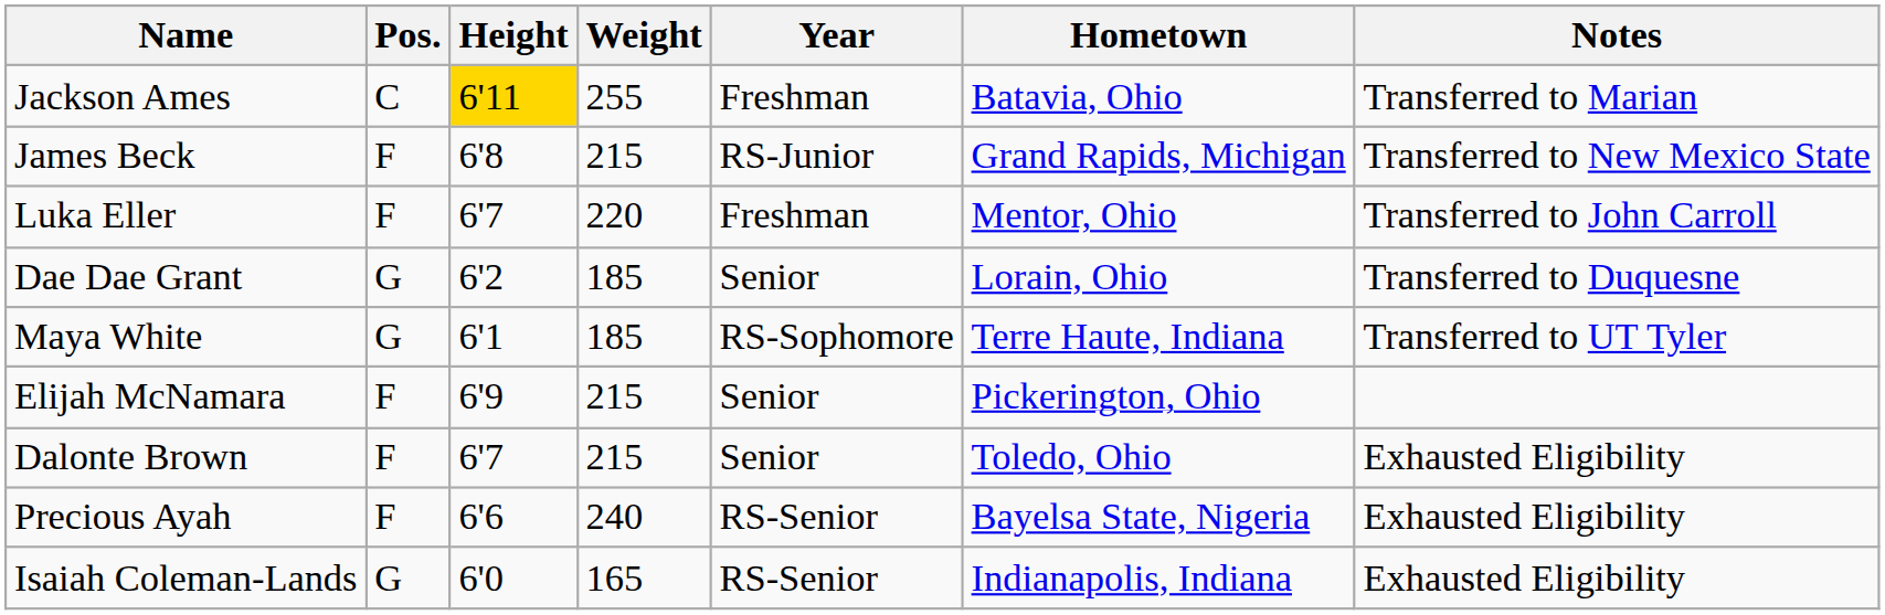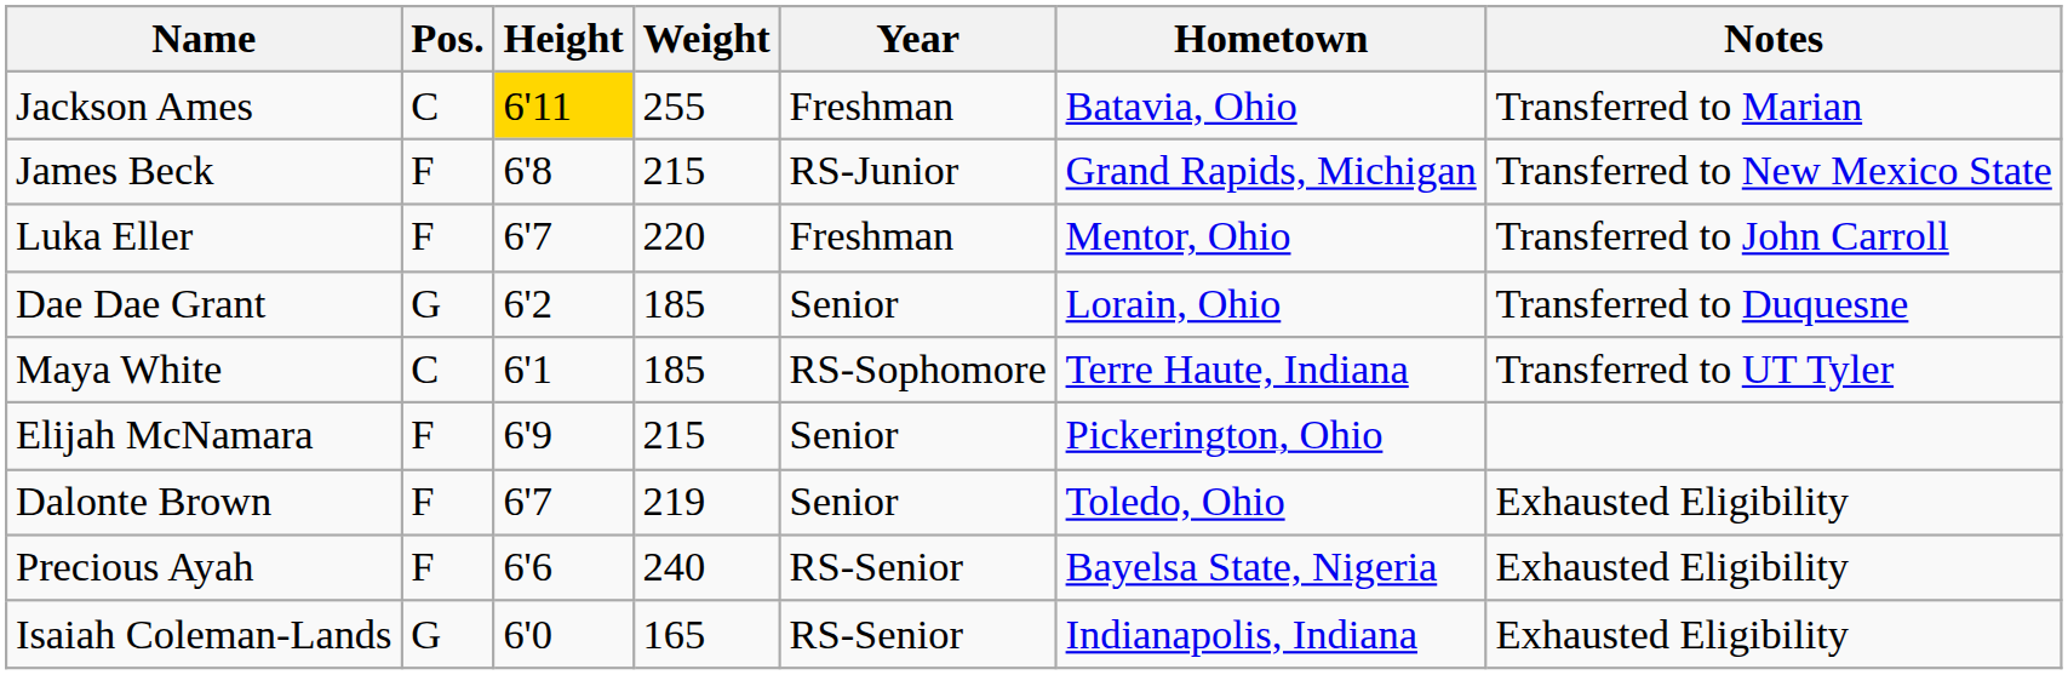 <table class="wikitable sortable" border="1">
 <tr align=center>
 <th>Name</th>
 <th>Pos.</th>
 <th>Height</th>
 <th>Weight</th>
 <th>Year</th>
 <th>Hometown</th>
 <th>Notes</th>
 </tr>
 <tr>
 <td>Jackson Ames</td>
 <td>C</td>
 <td style="background: gold;">6'11</td>
 <td>255</td>
 <td>Freshman</td>
 <td><a href='#'>Batavia, Ohio</a></td>
 <td>Transferred to <a href='#'>Marian</a></td>
 </tr>
 <tr>
 <td>James Beck</td>
 <td>F</td>
 <td>6'8</td>
 <td>215</td>
 <td>RS-Junior</td>
 <td><a href='#'>Grand Rapids, Michigan</a></td>
 <td>Transferred to <a href='#'>New Mexico State</a></td>
 </tr>
 <tr>
 <td>Luka Eller</td>
 <td>F</td>
 <td>6'7</td>
 <td>220</td>
 <td>Freshman</td>
 <td><a href='#'>Mentor, Ohio</a></td>
 <td>Transferred to <a href='#'>John Carroll</a></td>
 </tr>
 <tr>
 <td>Dae Dae Grant</td>
 <td>G</td>
 <td>6'2</td>
 <td>185</td>
 <td>Senior</td>
 <td><a href='#'>Lorain, Ohio</a></td>
 <td>Transferred to <a href='#'>Duquesne</a></td>
 </tr>
 <tr>
 <td>Maya White</td>
-<td>G</td>
+<td>C</td>
 <td>6'1</td>
 <td>185</td>
 <td>RS-Sophomore</td>
 <td><a href='#'>Terre Haute, Indiana</a></td>
 <td>Transferred to <a href='#'>UT Tyler</a></td>
 </tr>
 <tr>
 <td>Elijah McNamara</td>
 <td>F</td>
 <td>6'9</td>
 <td>215</td>
 <td>Senior</td>
 <td><a href='#'>Pickerington, Ohio</a></td>
 <td></td>
 </tr>
 <tr>
 <td>Dalonte Brown</td>
 <td>F</td>
 <td>6'7</td>
-<td>215</td>
+<td>219</td>
 <td>Senior</td>
 <td><a href='#'>Toledo, Ohio</a></td>
 <td>Exhausted Eligibility</td>
 </tr>
 <tr>
 <td>Precious Ayah</td>
 <td>F</td>
 <td>6'6</td>
 <td>240</td>
 <td>RS-Senior</td>
 <td><a href='#'>Bayelsa State, Nigeria</a></td>
 <td>Exhausted Eligibility</td>
 </tr>
 <tr>
 <td>Isaiah Coleman-Lands</td>
 <td>G</td>
 <td>6'0</td>
 <td>165</td>
 <td>RS-Senior</td>
 <td><a href='#'>Indianapolis, Indiana</a></td>
 <td>Exhausted Eligibility</td>
 </tr>
 </table>
